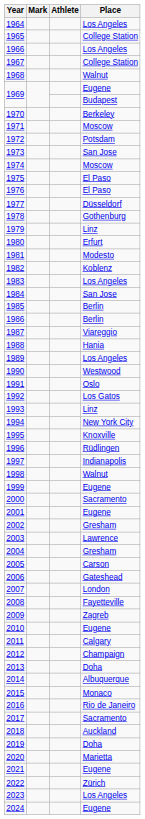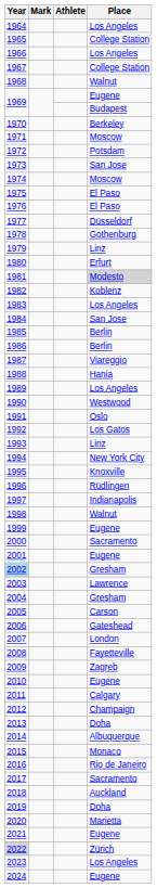 <table class="wikitable sortable" style="font-size:85%; display:inline-table;">
 <tr>
 <th>Year</th>
 <th>Mark</th>
 <th>Athlete</th>
 <th>Place</th>
 </tr>
 <tr>
 <td><a href='#'>1964</a></td>
 <td></td>
 <td align=left></td>
 <td><a href='#'>Los Angeles</a></td>
 </tr>
 <tr>
 <td><a href='#'>1965</a></td>
 <td></td>
 <td align=left></td>
 <td><a href='#'>College Station</a></td>
 </tr>
 <tr>
 <td><a href='#'>1966</a></td>
 <td></td>
 <td align=left></td>
 <td><a href='#'>Los Angeles</a></td>
 </tr>
 <tr>
 <td><a href='#'>1967</a></td>
 <td></td>
 <td align=left></td>
 <td><a href='#'>College Station</a></td>
 </tr>
 <tr>
 <td><a href='#'>1968</a></td>
 <td></td>
 <td align=left></td>
 <td><a href='#'>Walnut</a></td>
 </tr>
 <tr>
 <td rowspan=2><a href='#'>1969</a></td>
 <td rowspan=2></td>
 <td align=left></td>
 <td><a href='#'>Eugene</a></td>
 </tr>
 <tr>
 <td align=left></td>
 <td><a href='#'>Budapest</a></td>
 </tr>
 <tr>
 <td><a href='#'>1970</a></td>
 <td></td>
 <td align=left></td>
 <td><a href='#'>Berkeley</a></td>
 </tr>
 <tr>
 <td><a href='#'>1971</a></td>
 <td></td>
 <td align=left></td>
 <td><a href='#'>Moscow</a></td>
 </tr>
 <tr>
 <td><a href='#'>1972</a></td>
 <td></td>
 <td align=left></td>
 <td><a href='#'>Potsdam</a></td>
 </tr>
 <tr>
 <td><a href='#'>1973</a></td>
 <td></td>
 <td align=left></td>
 <td><a href='#'>San Jose</a></td>
 </tr>
 <tr>
 <td><a href='#'>1974</a></td>
 <td> </td>
 <td align=left></td>
 <td><a href='#'>Moscow</a></td>
 </tr>
 <tr>
 <td><a href='#'>1975</a></td>
 <td> </td>
 <td align=left></td>
 <td><a href='#'>El Paso</a></td>
 </tr>
 <tr>
 <td><a href='#'>1976</a></td>
 <td> </td>
 <td align=left></td>
 <td><a href='#'>El Paso</a></td>
 </tr>
 <tr>
 <td><a href='#'>1977</a></td>
 <td></td>
 <td align=left></td>
 <td><a href='#'>Düsseldorf</a></td>
 </tr>
 <tr>
 <td><a href='#'>1978</a></td>
 <td></td>
 <td align=left></td>
 <td><a href='#'>Gothenburg</a></td>
 </tr>
 <tr>
 <td><a href='#'>1979</a></td>
 <td></td>
 <td align=left></td>
 <td><a href='#'>Linz</a></td>
 </tr>
 <tr>
 <td><a href='#'>1980</a></td>
 <td></td>
 <td align=left></td>
 <td><a href='#'>Erfurt</a></td>
 </tr>
 <tr>
 <td><a href='#'>1981</a></td>
 <td></td>
 <td align=left></td>
-<td><a href='#'>Modesto</a></td>
+<td style="background: lightgrey;"><a href='#'>Modesto</a></td>
 </tr>
 <tr>
 <td><a href='#'>1982</a></td>
 <td></td>
 <td align=left></td>
 <td><a href='#'>Koblenz</a></td>
 </tr>
 <tr>
 <td><a href='#'>1983</a></td>
 <td></td>
 <td align=left></td>
 <td><a href='#'>Los Angeles</a></td>
 </tr>
 <tr>
 <td><a href='#'>1984</a></td>
 <td></td>
 <td align=left></td>
 <td><a href='#'>San Jose</a></td>
 </tr>
 <tr>
 <td><a href='#'>1985</a></td>
 <td></td>
 <td align=left></td>
 <td><a href='#'>Berlin</a></td>
 </tr>
 <tr>
 <td><a href='#'>1986</a></td>
 <td></td>
 <td align=left></td>
 <td><a href='#'>Berlin</a></td>
 </tr>
 <tr>
 <td><a href='#'>1987</a></td>
 <td></td>
 <td align=left></td>
 <td><a href='#'>Viareggio</a></td>
 </tr>
 <tr>
 <td><a href='#'>1988</a></td>
 <td></td>
 <td align=left></td>
 <td><a href='#'>Hania</a></td>
 </tr>
 <tr>
 <td><a href='#'>1989</a></td>
 <td> </td>
 <td align=left></td>
 <td><a href='#'>Los Angeles</a></td>
 </tr>
 <tr>
 <td><a href='#'>1990</a></td>
 <td></td>
 <td align=left></td>
 <td><a href='#'>Westwood</a></td>
 </tr>
 <tr>
 <td><a href='#'>1991</a></td>
 <td></td>
 <td align=left></td>
 <td><a href='#'>Oslo</a></td>
 </tr>
 <tr>
 <td><a href='#'>1992</a></td>
 <td></td>
 <td align=left></td>
 <td><a href='#'>Los Gatos</a></td>
 </tr>
 <tr>
 <td><a href='#'>1993</a></td>
 <td></td>
 <td align=left></td>
 <td><a href='#'>Linz</a></td>
 </tr>
 <tr>
 <td><a href='#'>1994</a></td>
 <td></td>
 <td align=left></td>
 <td><a href='#'>New York City</a></td>
 </tr>
 <tr>
 <td><a href='#'>1995</a></td>
 <td></td>
 <td align=left></td>
 <td><a href='#'>Knoxville</a></td>
 </tr>
 <tr>
 <td><a href='#'>1996</a></td>
 <td></td>
 <td align=left></td>
 <td><a href='#'>Rüdlingen</a></td>
 </tr>
 <tr>
 <td><a href='#'>1997</a></td>
 <td></td>
 <td align=left></td>
 <td><a href='#'>Indianapolis</a></td>
 </tr>
 <tr>
 <td><a href='#'>1998</a></td>
 <td></td>
 <td align=left></td>
 <td><a href='#'>Walnut</a></td>
 </tr>
 <tr>
 <td><a href='#'>1999</a></td>
 <td></td>
 <td align=left></td>
 <td><a href='#'>Eugene</a></td>
 </tr>
 <tr>
 <td><a href='#'>2000</a></td>
 <td></td>
 <td align=left></td>
 <td><a href='#'>Sacramento</a></td>
 </tr>
 <tr>
 <td><a href='#'>2001</a></td>
 <td></td>
 <td align=left></td>
 <td><a href='#'>Eugene</a></td>
 </tr>
 <tr>
-<td><a href='#'>2002</a></td>
+<td style="background: lightblue;"><a href='#'>2002</a></td>
 <td></td>
 <td align=left></td>
 <td><a href='#'>Gresham</a></td>
 </tr>
 <tr>
 <td><a href='#'>2003</a></td>
 <td></td>
 <td align=left></td>
 <td><a href='#'>Lawrence</a></td>
 </tr>
 <tr>
 <td><a href='#'>2004</a></td>
 <td></td>
 <td align=left></td>
 <td><a href='#'>Gresham</a></td>
 </tr>
 <tr>
 <td><a href='#'>2005</a></td>
 <td></td>
 <td align=left></td>
 <td><a href='#'>Carson</a></td>
 </tr>
 <tr>
 <td><a href='#'>2006</a></td>
 <td></td>
 <td align=left></td>
 <td><a href='#'>Gateshead</a></td>
 </tr>
 <tr>
 <td><a href='#'>2007</a></td>
 <td></td>
 <td align=left></td>
 <td><a href='#'>London</a></td>
 </tr>
 <tr>
 <td><a href='#'>2008</a></td>
 <td> </td>
 <td align=left></td>
 <td><a href='#'>Fayetteville</a></td>
 </tr>
 <tr>
 <td><a href='#'>2009</a></td>
 <td></td>
 <td align=left></td>
 <td><a href='#'>Zagreb</a></td>
 </tr>
 <tr>
 <td><a href='#'>2010</a></td>
 <td></td>
 <td align=left></td>
 <td><a href='#'>Eugene</a></td>
 </tr>
 <tr>
 <td><a href='#'>2011</a></td>
 <td> </td>
 <td align=left></td>
 <td><a href='#'>Calgary</a></td>
 </tr>
 <tr>
 <td><a href='#'>2012</a></td>
 <td></td>
 <td align=left></td>
 <td><a href='#'>Champaign</a></td>
 </tr>
 <tr>
 <td><a href='#'>2013</a></td>
 <td></td>
 <td align=left></td>
 <td><a href='#'>Doha</a></td>
 </tr>
 <tr>
 <td><a href='#'>2014</a></td>
 <td>  </td>
 <td align=left></td>
 <td><a href='#'>Albuquerque</a></td>
 </tr>
 <tr>
 <td><a href='#'>2015</a></td>
 <td></td>
 <td align=left></td>
 <td><a href='#'>Monaco</a></td>
 </tr>
 <tr>
 <td><a href='#'>2016</a></td>
 <td></td>
 <td align=left></td>
 <td><a href='#'>Rio de Janeiro</a></td>
 </tr>
 <tr>
 <td><a href='#'>2017</a></td>
 <td></td>
 <td align=left></td>
 <td><a href='#'>Sacramento</a></td>
 </tr>
 <tr>
 <td><a href='#'>2018</a></td>
 <td></td>
 <td align=left></td>
 <td><a href='#'>Auckland</a></td>
 </tr>
 <tr>
 <td><a href='#'>2019</a></td>
 <td></td>
 <td align=left></td>
 <td><a href='#'>Doha</a></td>
 </tr>
 <tr>
 <td><a href='#'>2020</a></td>
 <td></td>
 <td align=left></td>
 <td><a href='#'>Marietta</a></td>
 </tr>
 <tr>
 <td><a href='#'>2021</a></td>
 <td></td>
 <td align=left></td>
 <td><a href='#'>Eugene</a></td>
 </tr>
 <tr>
-<td><a href='#'>2022</a></td>
+<td style="background: lightgrey;"><a href='#'>2022</a></td>
 <td></td>
 <td align=left></td>
 <td><a href='#'>Zürich</a></td>
 </tr>
 <tr>
 <td><a href='#'>2023</a></td>
 <td></td>
 <td align=left></td>
 <td><a href='#'>Los Angeles</a></td>
 </tr>
 <tr>
 <td><a href='#'>2024</a></td>
 <td> </td>
 <td align=left></td>
 <td><a href='#'>Eugene</a></td>
 </tr>
 </table>
